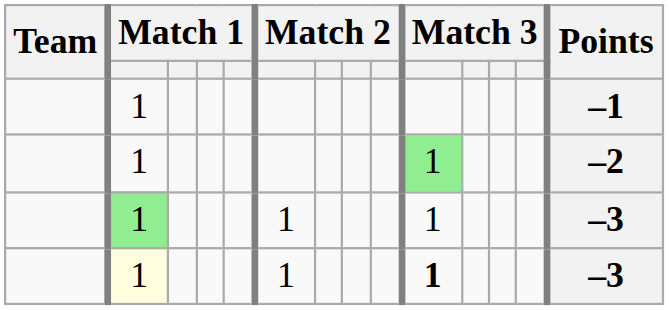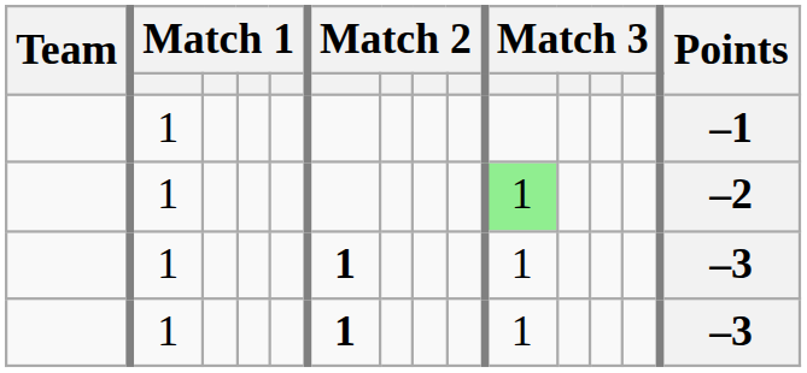 <table class="wikitable sortable" style="text-align:center;">
 <tr>
 <th rowspan=2>Team</th>
 <th colspan=4 style="border-left:3px solid gray">Match 1</th>
 <th colspan=4 style="border-left:3px solid gray">Match 2</th>
 <th colspan=4 style="border-left:3px solid gray">Match 3</th>
 <th rowspan=2 style="border-left:3px solid gray">Points</th>
 </tr>
 <tr>
 <th style="border-left:3px solid gray"></th>
 <th></th>
 <th></th>
 <th></th>
 <th style="border-left:3px solid gray"></th>
 <th></th>
 <th></th>
 <th></th>
 <th style="border-left:3px solid gray"></th>
 <th></th>
 <th></th>
 <th></th>
 </tr>
 <tr>
 <td align=left></td>
 <td style="border-left:3px solid gray">1</td>
 <td></td>
 <td></td>
 <td></td>
 <td style="border-left:3px solid gray"></td>
 <td></td>
 <td></td>
 <td></td>
 <td style="border-left:3px solid gray"></td>
 <td></td>
 <td></td>
 <td></td>
 <th style="border-left:3px solid gray">–1</th>
 </tr>
 <tr>
 <td align=left></td>
 <td style="border-left:3px solid gray">1</td>
 <td></td>
 <td></td>
 <td></td>
 <td style="border-left:3px solid gray"></td>
 <td></td>
 <td></td>
 <td></td>
 <td style="background: lightgreen; border-left:3px solid gray">1</td>
 <td></td>
 <td></td>
 <td></td>
 <th style="border-left:3px solid gray">–2</th>
 </tr>
 <tr>
 <td align=left></td>
-<td style="background: lightgreen; border-left:3px solid gray">1</td>
+<td style="border-left:3px solid gray">1</td>
 <td></td>
 <td></td>
 <td></td>
-<td style="border-left:3px solid gray">1</td>
+<td style="border-left:3px solid gray"><strong>1</strong></td>
 <td></td>
 <td></td>
 <td></td>
 <td style="border-left:3px solid gray">1</td>
 <td></td>
 <td></td>
 <td></td>
 <th style="border-left:3px solid gray">–3</th>
 </tr>
 <tr>
 <td align=left></td>
-<td style="background: lightyellow; border-left:3px solid gray">1</td>
-<td></td>
-<td></td>
-<td></td>
 <td style="border-left:3px solid gray">1</td>
 <td></td>
 <td></td>
 <td></td>
 <td style="border-left:3px solid gray"><strong>1</strong></td>
 <td></td>
 <td></td>
 <td></td>
+<td style="border-left:3px solid gray">1</td>
+<td></td>
+<td></td>
+<td></td>
 <th style="border-left:3px solid gray">–3</th>
 </tr>
 </table>
